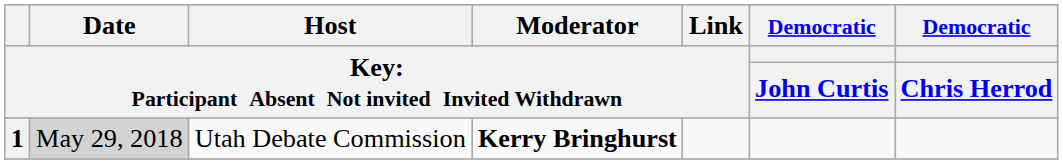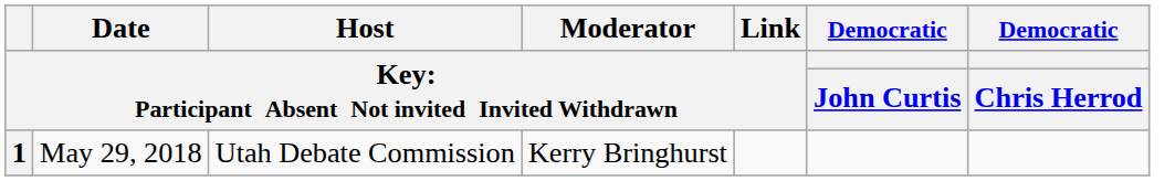 <table class="wikitable" style="text-align:center;">
 <tr>
 <th scope="col"></th>
 <th scope="col">Date</th>
 <th scope="col">Host</th>
 <th scope="col">Moderator</th>
 <th scope="col">Link</th>
 <th scope="col"><small><a href='#'>Democratic</a></small></th>
 <th scope="col"><small><a href='#'>Democratic</a></small></th>
 </tr>
 <tr>
 <th colspan="5" rowspan="2">Key:<br> <small>Participant </small>  <small>Absent </small>  <small>Not invited </small>  <small>Invited  Withdrawn</small></th>
 <th scope="col" style="background:"></th>
 <th scope="col" style="background:"></th>
 </tr>
 <tr>
 <th scope="col"><a href='#'>John Curtis</a></th>
 <th scope="col"><a href='#'>Chris Herrod</a></th>
 </tr>
 <tr>
 <th>1</th>
-<td style="background: lightgrey; white-space:nowrap;">May 29, 2018</td>
+<td style="white-space:nowrap;">May 29, 2018</td>
 <td style="white-space:nowrap;">Utah Debate Commission</td>
-<td style="white-space:nowrap;"><strong>Kerry Bringhurst</strong></td>
+<td style="white-space:nowrap;">Kerry Bringhurst</td>
 <td style="white-space:nowrap;"></td>
 <td></td>
 <td></td>
 </tr>
 </table>
